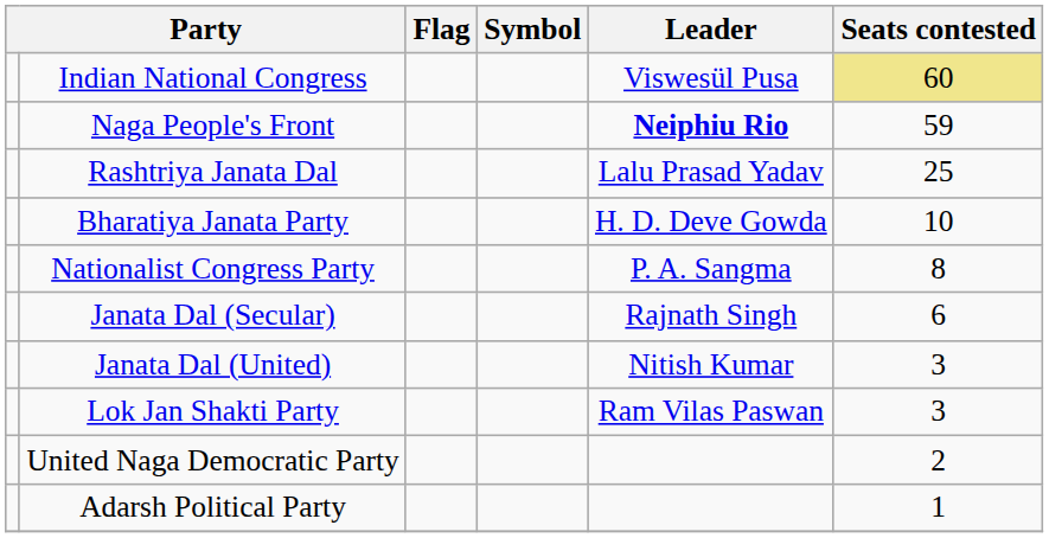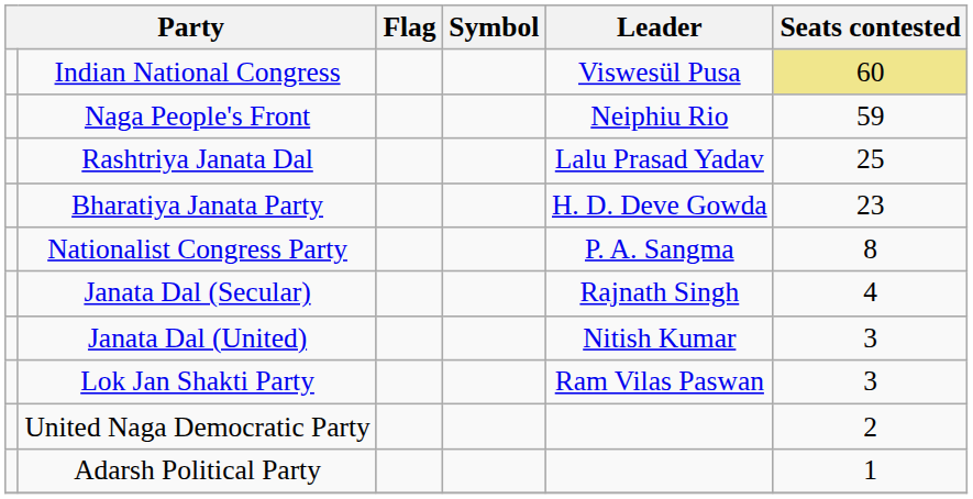 <table class="wikitable" style="text-align:center;">
 <tr>
 <th colspan="2">Party</th>
 <th>Flag</th>
 <th>Symbol</th>
 <th>Leader</th>
 <th>Seats contested</th>
 </tr>
 <tr>
 <td></td>
 <td><a href='#'>Indian National Congress</a></td>
 <td></td>
 <td></td>
 <td><a href='#'>Viswesül Pusa</a></td>
 <td style="background: khaki;">60</td>
 </tr>
 <tr>
 <td></td>
 <td><a href='#'>Naga People's Front</a></td>
 <td></td>
 <td></td>
-<td><strong><a href='#'>Neiphiu Rio</a></strong></td>
+<td><a href='#'>Neiphiu Rio</a></td>
 <td>59</td>
 </tr>
 <tr>
 <td></td>
 <td><a href='#'>Rashtriya Janata Dal</a></td>
 <td></td>
 <td></td>
 <td><a href='#'>Lalu Prasad Yadav</a></td>
 <td>25</td>
 </tr>
 <tr>
 <td></td>
 <td><a href='#'>Bharatiya Janata Party</a></td>
 <td></td>
 <td></td>
 <td><a href='#'>H. D. Deve Gowda</a></td>
-<td>10</td>
+<td>23</td>
 </tr>
 <tr>
 <td></td>
 <td><a href='#'>Nationalist Congress Party</a></td>
 <td></td>
 <td></td>
 <td><a href='#'>P. A. Sangma</a></td>
 <td>8</td>
 </tr>
 <tr>
 <td></td>
 <td><a href='#'>Janata Dal (Secular)</a></td>
 <td></td>
 <td></td>
 <td><a href='#'>Rajnath Singh</a></td>
-<td>6</td>
+<td>4</td>
 </tr>
 <tr>
 <td></td>
 <td><a href='#'>Janata Dal (United)</a></td>
 <td></td>
 <td></td>
 <td><a href='#'>Nitish Kumar</a></td>
 <td>3</td>
 </tr>
 <tr>
 <td></td>
 <td><a href='#'>Lok Jan Shakti Party</a></td>
 <td></td>
 <td></td>
 <td><a href='#'>Ram Vilas Paswan</a></td>
 <td>3</td>
 </tr>
 <tr>
 <td></td>
 <td>United Naga Democratic Party</td>
 <td></td>
 <td></td>
 <td></td>
 <td>2</td>
 </tr>
 <tr>
 <td></td>
 <td>Adarsh Political Party</td>
 <td></td>
 <td></td>
 <td></td>
 <td>1</td>
 </tr>
 <tr>
 </tr>
 </table>
